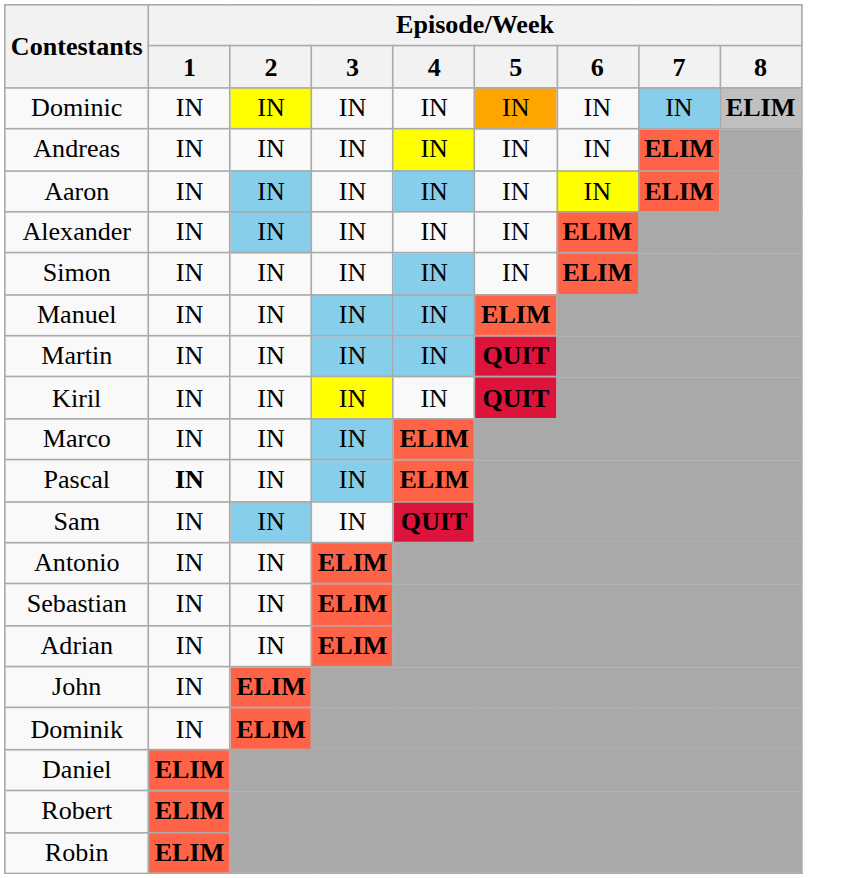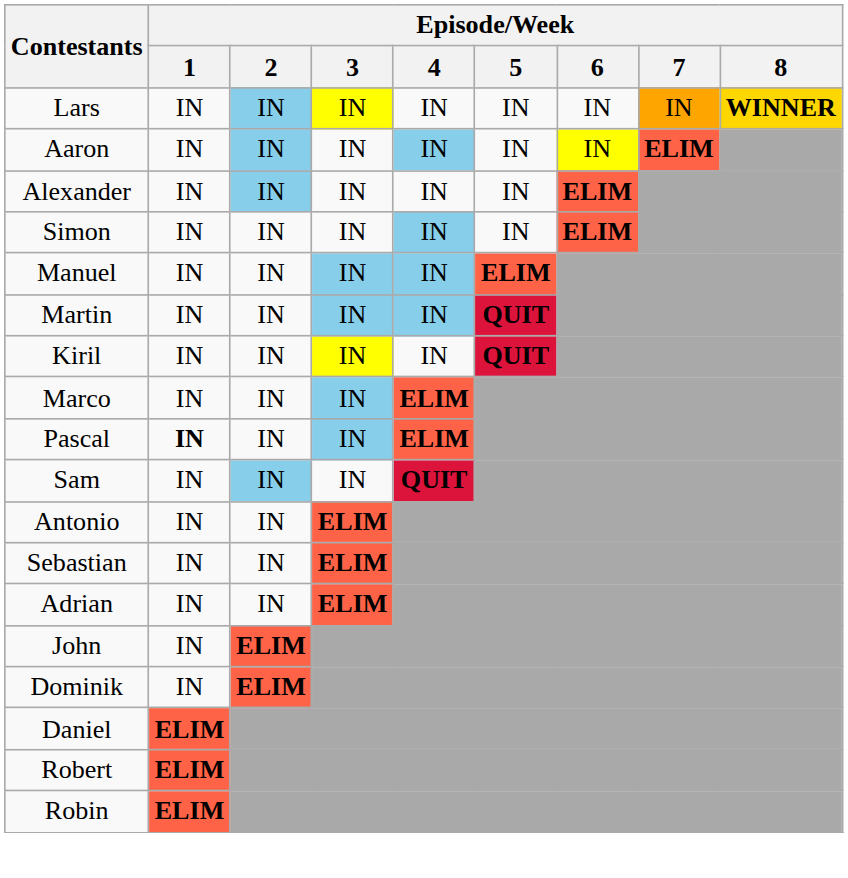 <table class="wikitable" style="text-align:center">
 <tr>
 <th rowspan="2">Contestants</th>
 <th colspan="8">Episode/Week</th>
 </tr>
 <tr>
 <th>1</th>
 <th>2</th>
 <th>3</th>
 <th>4</th>
 <th>5</th>
 <th>6</th>
 <th>7</th>
 <th>8</th>
 </tr>
 <tr>
-<td>Dominic</td>
+<td>Lars</td>
 <td>IN</td>
+<td style="background:skyblue">IN</td>
 <td style="background:yellow">IN</td>
 <td>IN</td>
 <td>IN</td>
+<td>IN</td>
 <td style="background:orange">IN</td>
-<td>IN</td>
-<td style="background:skyblue">IN</td>
-<td style="background:silver"><strong>ELIM</strong></td>
-</tr>
-<tr>
-<td>Andreas</td>
-<td>IN</td>
-<td>IN</td>
-<td>IN</td>
-<td style="background:yellow">IN</td>
-<td>IN</td>
-<td>IN</td>
-<td style="background:tomato"><strong>ELIM</strong></td>
-<td colspan="1" style="background:darkgray"></td>
+<td style="background:gold"><strong>WINNER</strong></td>
 </tr>
 <tr>
 <td>Aaron</td>
 <td>IN</td>
 <td style="background:skyblue">IN</td>
 <td>IN</td>
 <td style="background:skyblue">IN</td>
 <td>IN</td>
 <td style="background:yellow">IN</td>
 <td style="background:tomato"><strong>ELIM</strong></td>
 <td colspan="1" style="background:darkgray"></td>
 </tr>
 <tr>
 <td>Alexander</td>
 <td>IN</td>
 <td style="background:skyblue">IN</td>
 <td>IN</td>
 <td>IN</td>
 <td>IN</td>
 <td style="background:tomato"><strong>ELIM</strong></td>
 <td colspan="2" style="background:darkgray"></td>
 </tr>
 <tr>
 <td>Simon</td>
 <td>IN</td>
 <td>IN</td>
 <td>IN</td>
 <td style="background:skyblue">IN</td>
 <td>IN</td>
 <td style="background:tomato"><strong>ELIM</strong></td>
 <td colspan="2" style="background:darkgray"></td>
 </tr>
 <tr>
 <td>Manuel</td>
 <td>IN</td>
 <td>IN</td>
 <td style="background:skyblue">IN</td>
 <td style="background:skyblue">IN</td>
 <td style="background:tomato"><strong>ELIM</strong></td>
 <td colspan="3" style="background:darkgray"></td>
 </tr>
 <tr>
 <td>Martin</td>
 <td>IN</td>
 <td>IN</td>
 <td style="background:skyblue">IN</td>
 <td style="background:skyblue">IN</td>
 <td style="background:crimson"><strong>QUIT</strong></td>
 <td colspan="3" style="background:darkgray"></td>
 </tr>
 <tr>
 <td>Kiril</td>
 <td>IN</td>
 <td>IN</td>
 <td style="background:yellow">IN</td>
 <td>IN</td>
 <td style="background:crimson"><strong>QUIT</strong></td>
 <td colspan="3" style="background:darkgray"></td>
 </tr>
 <tr>
 <td>Marco</td>
 <td>IN</td>
 <td>IN</td>
 <td style="background:skyblue">IN</td>
 <td style="background:tomato"><strong>ELIM</strong></td>
 <td colspan="4" style="background:darkgray"></td>
 </tr>
 <tr>
 <td>Pascal</td>
 <td><strong>IN</strong></td>
 <td>IN</td>
 <td style="background:skyblue">IN</td>
 <td style="background:tomato"><strong>ELIM</strong></td>
 <td colspan="4" style="background:darkgray"></td>
 </tr>
 <tr>
 <td>Sam</td>
 <td>IN</td>
 <td style="background:skyblue">IN</td>
 <td>IN</td>
 <td style="background:crimson"><strong>QUIT</strong></td>
 <td colspan="4" style="background:darkgray"></td>
 </tr>
 <tr>
 <td>Antonio</td>
 <td>IN</td>
 <td>IN</td>
 <td style="background:tomato"><strong>ELIM</strong></td>
 <td colspan="5" style="background:darkgray"></td>
 </tr>
 <tr>
 <td>Sebastian</td>
 <td>IN</td>
 <td>IN</td>
 <td style="background:tomato"><strong>ELIM</strong></td>
 <td colspan="5" style="background:darkgray"></td>
 </tr>
 <tr>
 <td>Adrian</td>
 <td>IN</td>
 <td>IN</td>
 <td style="background:tomato"><strong>ELIM</strong></td>
 <td colspan="5" style="background:darkgray"></td>
 </tr>
 <tr>
 <td>John</td>
 <td>IN</td>
 <td style="background:tomato"><strong>ELIM</strong></td>
 <td colspan="6" style="background:darkgray"></td>
 </tr>
 <tr>
 <td>Dominik</td>
 <td>IN</td>
 <td style="background:tomato"><strong>ELIM</strong></td>
 <td colspan="6" style="background:darkgray"></td>
 </tr>
 <tr>
 <td>Daniel</td>
 <td style="background:tomato"><strong>ELIM</strong></td>
 <td colspan="7" style="background:darkgray"></td>
 </tr>
 <tr>
 <td>Robert</td>
 <td style="background:tomato"><strong>ELIM</strong></td>
 <td colspan="7" style="background:darkgray"></td>
 </tr>
 <tr>
 <td>Robin</td>
 <td style="background:tomato"><strong>ELIM</strong></td>
 <td colspan="7" style="background:darkgray"></td>
 </tr>
 <tr>
 </tr>
 </table>
